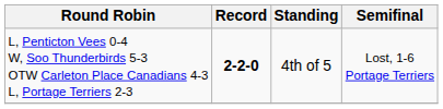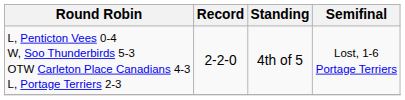 <table class="wikitable" style="text-align:center;">
 <tr>
 <th>Round Robin</th>
 <th>Record</th>
 <th>Standing</th>
 <th>Semifinal</th>
 </tr>
 <tr>
 <td align=left><small>L, <a href='#'>Penticton Vees</a> 0-4<br>W, <a href='#'>Soo Thunderbirds</a> 5-3<br>OTW <a href='#'>Carleton Place Canadians</a> 4-3<br>L, <a href='#'>Portage Terriers</a> 2-3</small></td>
-<td><strong>2-2-0</strong></td>
+<td>2-2-0</td>
 <td>4th  of 5</td>
 <td><small>Lost, 1-6<br> <a href='#'>Portage Terriers</a></small></td>
 </tr>
 <tr>
 </tr>
 </table>
